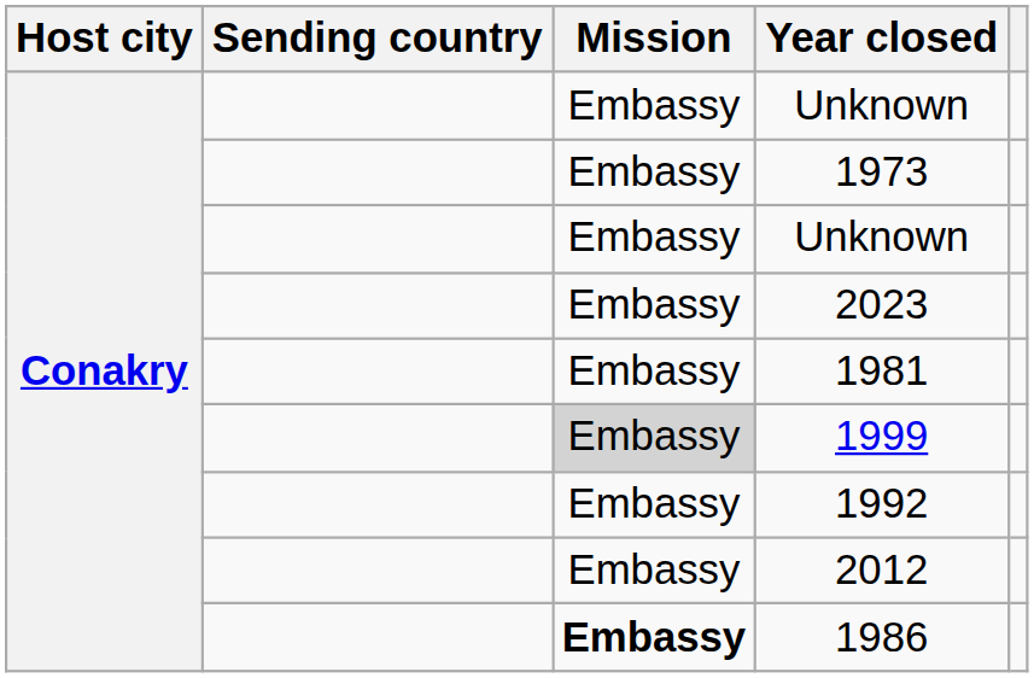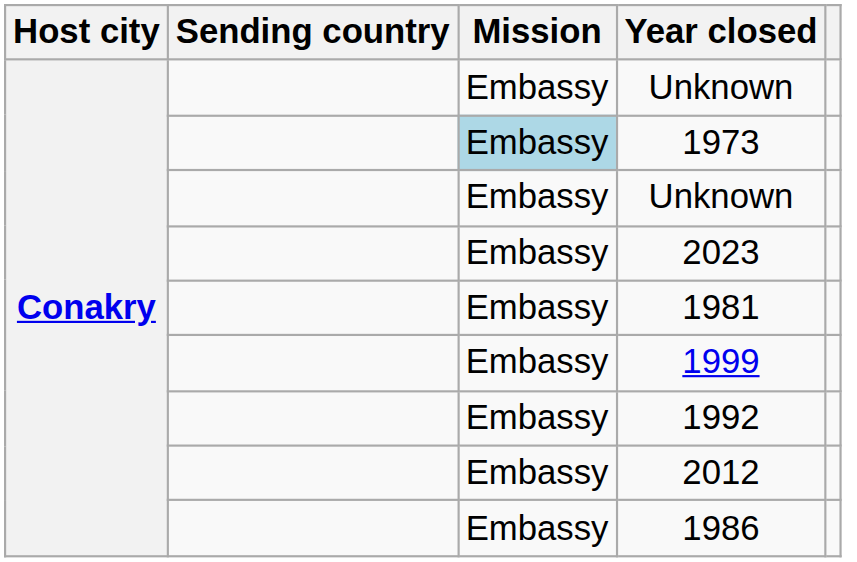 <table class="wikitable plainrowheaders">
 <tr>
 <th scope="col">Host city</th>
 <th scope="col">Sending country</th>
 <th scope="col">Mission</th>
 <th scope="col">Year closed</th>
 <th scope="col"></th>
 </tr>
 <tr>
 <th rowspan="9"><a href='#'>Conakry</a></th>
 <td></td>
 <td style="text-align:center;">Embassy</td>
 <td style="text-align:center;">Unknown</td>
 <td style="text-align:center;"></td>
 </tr>
 <tr>
 <td></td>
-<td style="text-align:center;">Embassy</td>
+<td style="background: lightblue; text-align:center;">Embassy</td>
 <td style="text-align:center;">1973</td>
 <td style="text-align:center;"></td>
 </tr>
 <tr>
 <td></td>
 <td style="text-align:center;">Embassy</td>
 <td style="text-align:center;">Unknown</td>
 <td style="text-align:center;"></td>
 </tr>
 <tr>
 <td></td>
 <td style="text-align:center;">Embassy</td>
 <td style="text-align:center;">2023</td>
 <td style="text-align:center;"></td>
 </tr>
 <tr>
 <td></td>
 <td style="text-align:center;">Embassy</td>
 <td style="text-align:center;">1981</td>
 <td style="text-align:center;"></td>
 </tr>
 <tr>
 <td></td>
-<td style="background: lightgrey; text-align:center;">Embassy</td>
+<td style="text-align:center;">Embassy</td>
 <td style="text-align:center;"><a href='#'>1999</a></td>
 <td style="text-align:center;"></td>
 </tr>
 <tr>
 <td></td>
 <td style="text-align:center;">Embassy</td>
 <td style="text-align:center;">1992</td>
 <td style="text-align:center;"></td>
 </tr>
 <tr>
 <td></td>
 <td style="text-align:center;">Embassy</td>
 <td style="text-align:center;">2012</td>
 <td style="text-align:center;"></td>
 </tr>
 <tr>
 <td></td>
-<td style="text-align:center;"><strong>Embassy</strong></td>
+<td style="text-align:center;">Embassy</td>
 <td style="text-align:center;">1986</td>
 <td style="text-align:center;"></td>
 </tr>
 </table>
